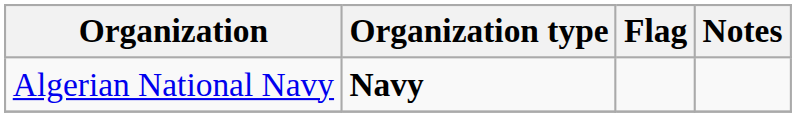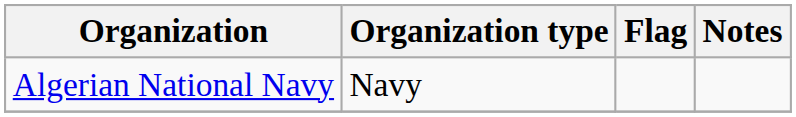 <table class="wikitable">
 <tr>
 <th>Organization</th>
 <th>Organization type</th>
 <th>Flag</th>
 <th>Notes</th>
 </tr>
 <tr>
 <td><a href='#'>Algerian National Navy</a></td>
-<td><strong>Navy</strong></td>
+<td>Navy</td>
 <td></td>
 <td></td>
 </tr>
 <tr>
 </tr>
 </table>
